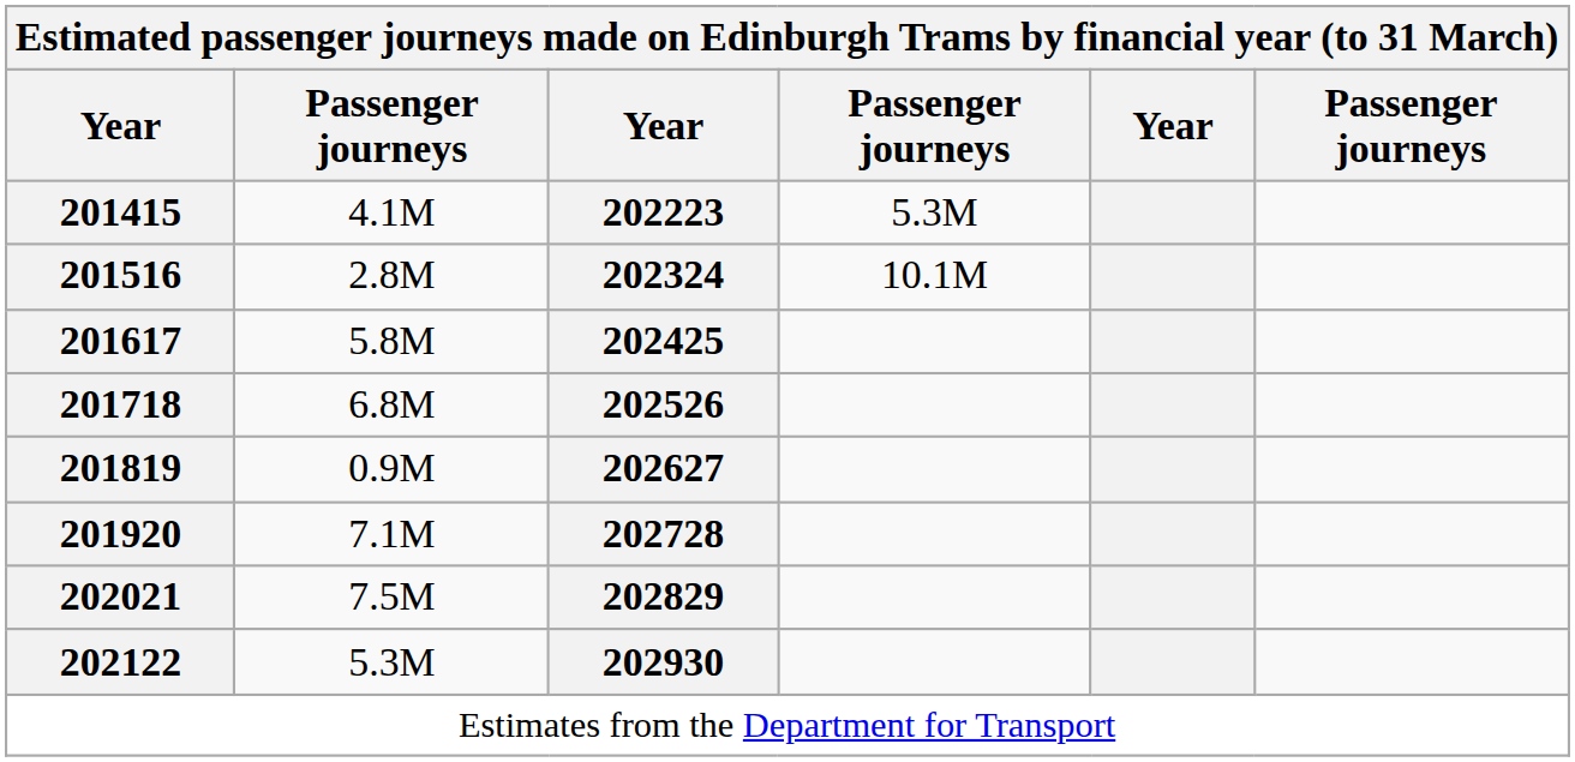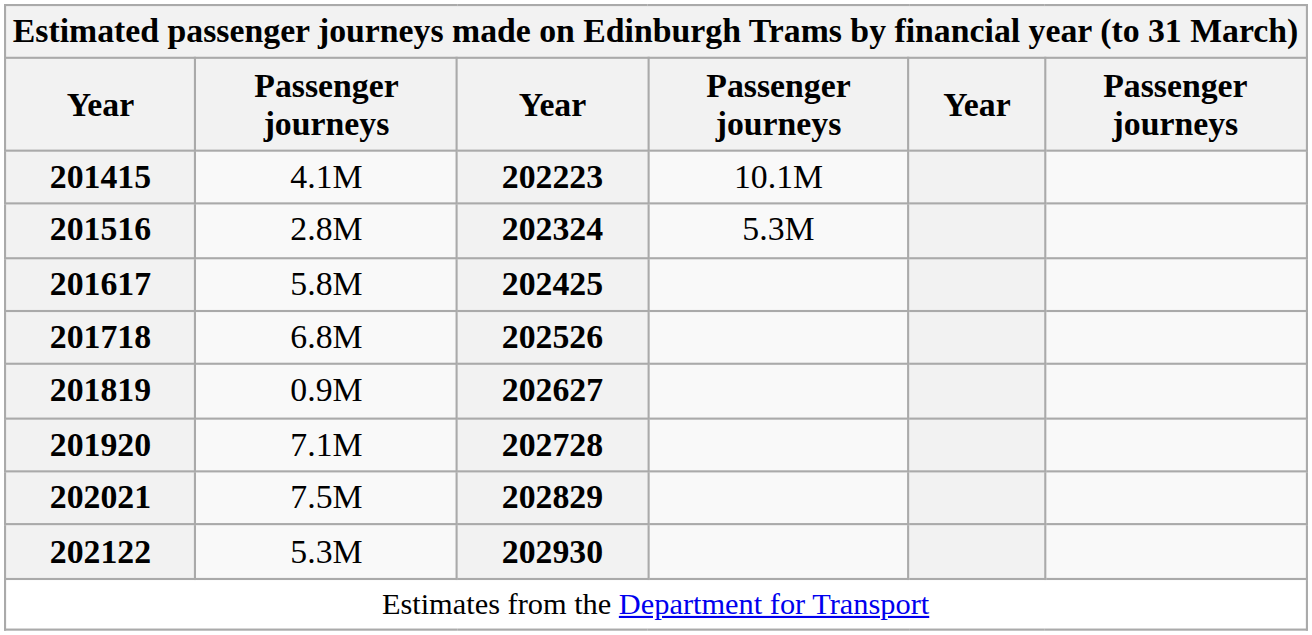 <table class="wikitable" style="text-align:center;">
 <tr>
 <th colspan="6">Estimated passenger journeys made on Edinburgh Trams by financial year (to 31 March)</th>
 </tr>
 <tr>
 <th>Year</th>
 <th>Passenger<br>journeys</th>
 <th>Year</th>
 <th>Passenger<br>journeys</th>
 <th>Year</th>
 <th>Passenger<br>journeys</th>
 </tr>
 <tr>
 <th>201415</th>
 <td>4.1M</td>
 <th>202223</th>
-<td>5.3M</td>
+<td>10.1M</td>
 <th></th>
 <td></td>
 </tr>
 <tr>
 <th>201516</th>
 <td>2.8M</td>
 <th>202324</th>
-<td>10.1M</td>
+<td>5.3M</td>
 <th></th>
 <td></td>
 </tr>
 <tr>
 <th>201617</th>
 <td>5.8M</td>
 <th>202425</th>
 <td></td>
 <th></th>
 <td></td>
 </tr>
 <tr>
 <th>201718</th>
 <td>6.8M</td>
 <th>202526</th>
 <td></td>
 <th></th>
 <td></td>
 </tr>
 <tr>
 <th>201819</th>
 <td>0.9M</td>
 <th>202627</th>
 <td></td>
 <th></th>
 <td></td>
 </tr>
 <tr>
 <th>201920</th>
 <td>7.1M</td>
 <th>202728</th>
 <td></td>
 <th></th>
 <td></td>
 </tr>
 <tr>
 <th>202021</th>
 <td>7.5M</td>
 <th>202829</th>
 <td></td>
 <th></th>
 <td></td>
 </tr>
 <tr>
 <th>202122</th>
 <td>5.3M</td>
 <th>202930</th>
 <td></td>
 <th></th>
 <td></td>
 </tr>
 <tr>
 <td style="background:#fff; font-size:90%;" colspan="6">Estimates from the <a href='#'>Department for Transport</a></td>
 </tr>
 </table>
